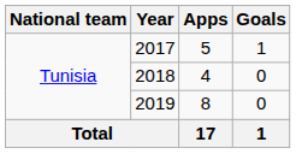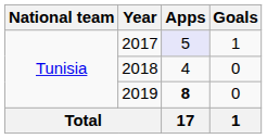 <table class="wikitable" style="text-align:center">
 <tr>
 <th>National team</th>
 <th>Year</th>
 <th>Apps</th>
 <th>Goals</th>
 </tr>
 <tr>
 <td rowspan="3"><a href='#'>Tunisia</a></td>
 <td>2017</td>
-<td>5</td>
+<td style="background: lavender;">5</td>
 <td>1</td>
 </tr>
 <tr>
 <td>2018</td>
 <td>4</td>
 <td>0</td>
 </tr>
 <tr>
 <td>2019</td>
-<td>8</td>
+<td><strong>8</strong></td>
 <td>0</td>
 </tr>
 <tr>
 <th colspan="2">Total</th>
 <th>17</th>
 <th>1</th>
 </tr>
 </table>
